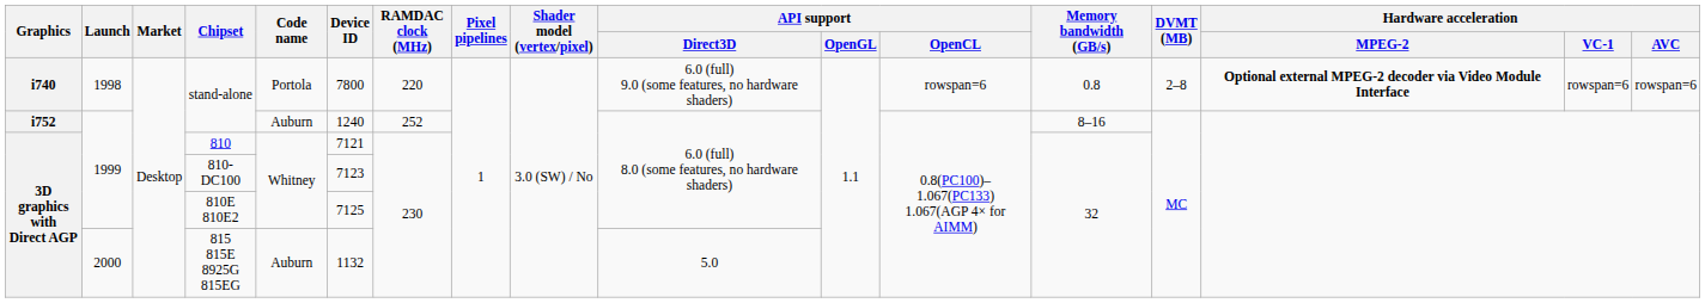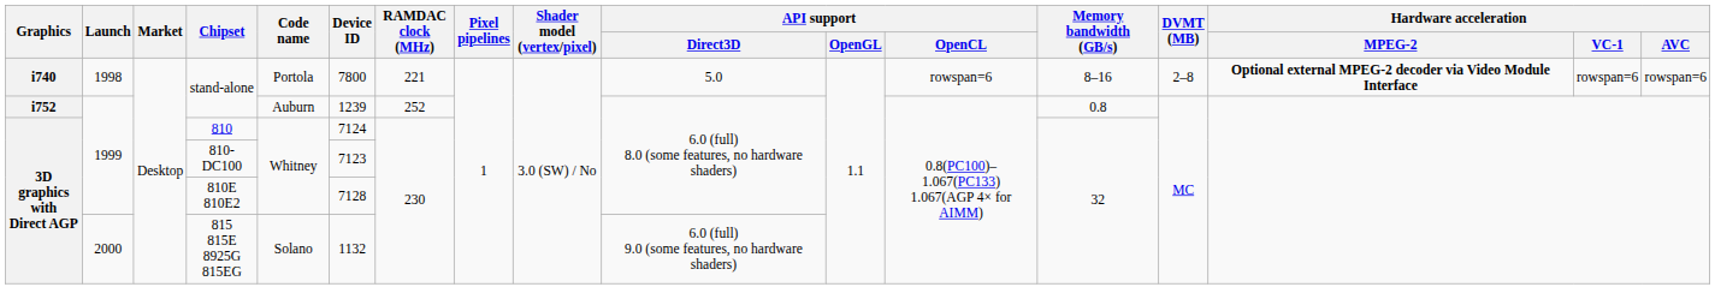 <table class="wikitable" style="text-align:center;">
 <tr>
 <th rowspan=2>Graphics</th>
 <th rowspan=2>Launch</th>
 <th rowspan=2>Market</th>
 <th rowspan=2><a href='#'>Chipset</a></th>
 <th rowspan=2>Code name</th>
 <th rowspan=2>Device<br>ID</th>
 <th rowspan=2>RAMDAC<br><a href='#'>clock</a> (<a href='#'>MHz</a>)</th>
 <th rowspan=2><a href='#'>Pixel <br>pipelines</a></th>
 <th rowspan=2><a href='#'>Shader</a> model<br>(<a href='#'>vertex</a>/<a href='#'>pixel</a>)</th>
 <th colspan=3><a href='#'>API</a> support</th>
 <th rowspan=2><a href='#'>Memory bandwidth</a> <br>(<a href='#'>GB/s</a>)</th>
 <th rowspan=2><a href='#'>DVMT</a> <br>(<a href='#'>MB</a>)</th>
 <th colspan=3>Hardware acceleration</th>
 </tr>
 <tr>
 <th><a href='#'>Direct3D</a></th>
 <th><a href='#'>OpenGL</a></th>
 <th><a href='#'>OpenCL</a></th>
 <th><a href='#'>MPEG-2</a></th>
 <th><a href='#'>VC-1</a></th>
 <th><a href='#'>AVC</a></th>
 </tr>
 <tr>
 <th>i740</th>
 <td>1998</td>
 <td rowspan=6>Desktop</td>
 <td rowspan=2>stand-alone</td>
 <td>Portola</td>
 <td>7800</td>
-<td>220</td>
+<td>221</td>
 <td rowspan=6>1</td>
 <td rowspan=6>3.0 (SW) / No</td>
-<td>6.0 (full)<br> 9.0 (some features, no hardware shaders)</td>
+<td>5.0</td>
 <td rowspan=6>1.1</td>
 <td>rowspan=6 </td>
-<td>0.8</td>
+<td>8–16</td>
 <td>2–8</td>
 <td><strong>Optional external MPEG-2 decoder via Video Module Interface</strong></td>
 <td>rowspan=6 </td>
 <td>rowspan=6 </td>
 </tr>
 <tr>
 <th>i752</th>
 <td rowspan=4>1999</td>
 <td>Auburn</td>
-<td>1240</td>
+<td>1239</td>
 <td>252</td>
 <td rowspan=4>6.0 (full)<br> 8.0 (some features, no hardware shaders)</td>
 <td rowspan=5>0.8(<a href='#'>PC100</a>)–1.067(<a href='#'>PC133</a>)<br>1.067(AGP 4× for <a href='#'>AIMM</a>)</td>
-<td>8–16</td>
+<td>0.8</td>
 <td rowspan=5><a href='#'>MC</a></td>
 </tr>
 <tr>
 <th rowspan=4>3D graphics<br>with<br>Direct AGP</th>
 <td><a href='#'>810</a></td>
 <td rowspan=3>Whitney</td>
-<td>7121</td>
+<td>7124</td>
 <td rowspan=4>230</td>
 <td rowspan=4>32</td>
 </tr>
 <tr>
 <td>810-DC100</td>
 <td>7123</td>
 </tr>
 <tr>
 <td>810E<br>810E2</td>
-<td>7125</td>
+<td>7128</td>
 </tr>
 <tr>
 <td>2000</td>
 <td>815<br>815E<br>8925G<br>815EG</td>
-<td>Auburn</td>
+<td>Solano</td>
 <td>1132</td>
-<td>5.0</td>
+<td>6.0 (full)<br> 9.0 (some features, no hardware shaders)</td>
 </tr>
 </table>
